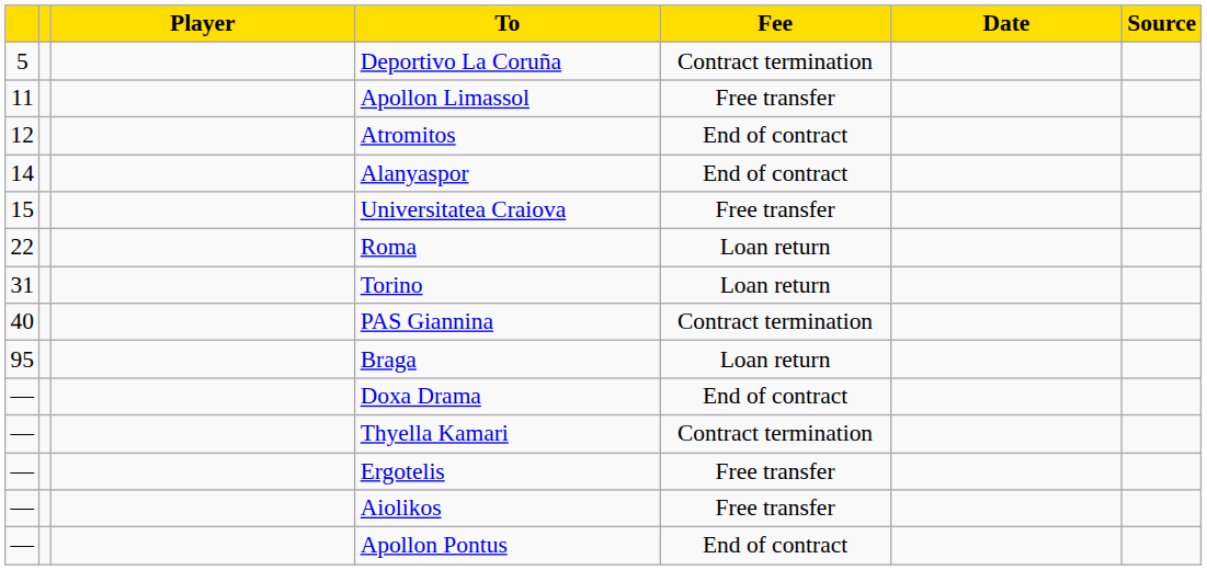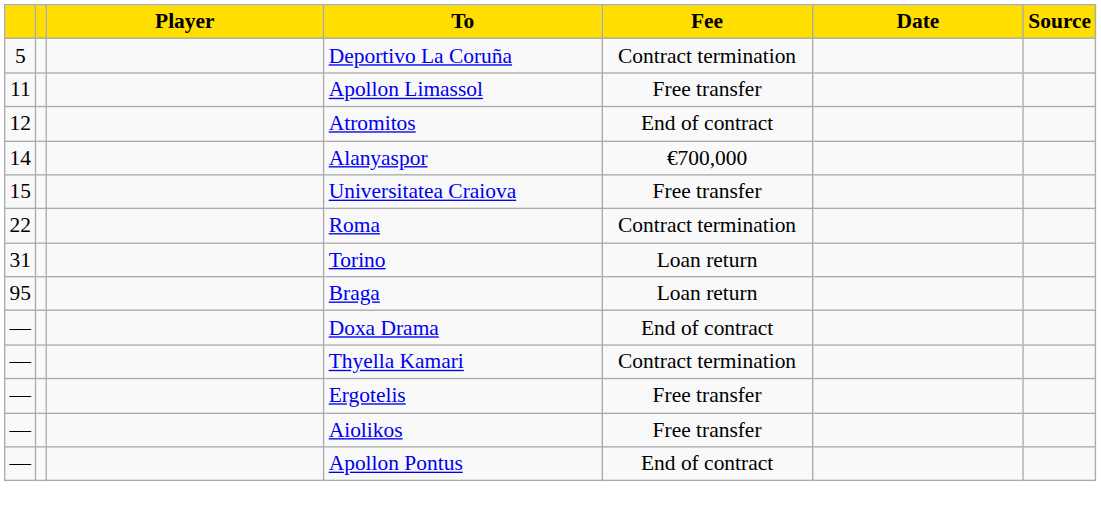 <table class="wikitable sortable">
 <tr>
 <th style="background:#FFDE00"></th>
 <th style="background:#FFDE00"></th>
 <th width=200 style="background:#FFDE00">Player</th>
 <th width=200 style="background:#FFDE00">To</th>
 <th width=150 style="background:#FFDE00">Fee</th>
 <th width=150 style="background:#FFDE00">Date</th>
 <th style="background:#FFDE00">Source</th>
 </tr>
 <tr>
 <td align=center>5</td>
 <td align=center></td>
 <td></td>
 <td> <a href='#'>Deportivo La Coruña</a></td>
 <td align=center>Contract termination</td>
 <td align=center></td>
 <td align=center></td>
 </tr>
 <tr>
 <td align=center>11</td>
 <td align=center></td>
 <td></td>
 <td> <a href='#'>Apollon Limassol</a></td>
 <td align=center>Free transfer</td>
 <td align=center></td>
 <td align=center></td>
 </tr>
 <tr>
 <td align=center>12</td>
 <td align=center></td>
 <td></td>
 <td> <a href='#'>Atromitos</a></td>
 <td align=center>End of contract</td>
 <td align=center></td>
 <td align=center></td>
 </tr>
 <tr>
 <td align=center>14</td>
 <td align=center></td>
 <td></td>
 <td> <a href='#'>Alanyaspor</a></td>
-<td align=center>End of contract</td>
+<td align=center>€700,000</td>
 <td align=center></td>
 <td align=center></td>
 </tr>
 <tr>
 <td align=center>15</td>
 <td align=center></td>
 <td></td>
 <td> <a href='#'>Universitatea Craiova</a></td>
 <td align=center>Free transfer</td>
 <td align=center></td>
 <td align=center></td>
 </tr>
 <tr>
 <td align=center>22</td>
 <td align=center></td>
 <td></td>
 <td> <a href='#'>Roma</a></td>
-<td align=center>Loan return</td>
+<td align=center>Contract termination</td>
 <td align=center></td>
 <td align=center></td>
 </tr>
 <tr>
 <td align=center>31</td>
 <td align=center></td>
 <td></td>
 <td> <a href='#'>Torino</a></td>
 <td align=center>Loan return</td>
-<td align=center></td>
-<td align=center></td>
-</tr>
-<tr>
-<td align=center>40</td>
-<td align=center></td>
-<td></td>
-<td> <a href='#'>PAS Giannina</a></td>
-<td align=center>Contract termination</td>
 <td align=center></td>
 <td align=center></td>
 </tr>
 <tr>
 <td align=center>95</td>
 <td align=center></td>
 <td></td>
 <td> <a href='#'>Braga</a></td>
 <td align=center>Loan return</td>
 <td align=center></td>
 <td align=center></td>
 </tr>
 <tr>
 <td align=center>—</td>
 <td align=center></td>
 <td></td>
 <td> <a href='#'>Doxa Drama</a></td>
 <td align=center>End of contract</td>
 <td align=center></td>
 <td align=center></td>
 </tr>
 <tr>
 <td align=center>—</td>
 <td align=center></td>
 <td></td>
 <td> <a href='#'>Thyella Kamari</a></td>
 <td align=center>Contract termination</td>
 <td align=center></td>
 <td align=center></td>
 </tr>
 <tr>
 <td align=center>—</td>
 <td align=center></td>
 <td></td>
 <td> <a href='#'>Ergotelis</a></td>
 <td align=center>Free transfer</td>
 <td align=center></td>
 <td align=center></td>
 </tr>
 <tr>
 <td align=center>—</td>
 <td align=center></td>
 <td></td>
 <td> <a href='#'>Aiolikos</a></td>
 <td align=center>Free transfer</td>
 <td align=center></td>
 <td align=center></td>
 </tr>
 <tr>
 <td align=center>—</td>
 <td align=center></td>
 <td></td>
 <td> <a href='#'>Apollon Pontus</a></td>
 <td align=center>End of contract</td>
 <td align=center></td>
 <td align=center></td>
 </tr>
 </table>
